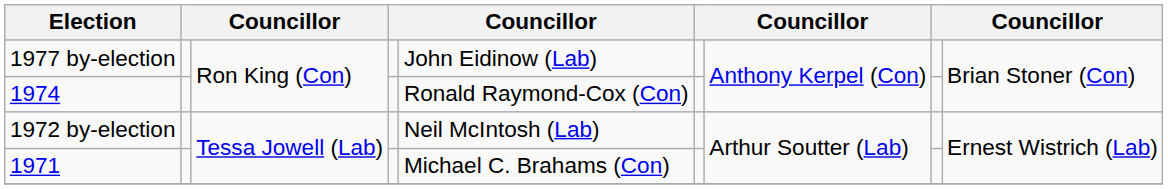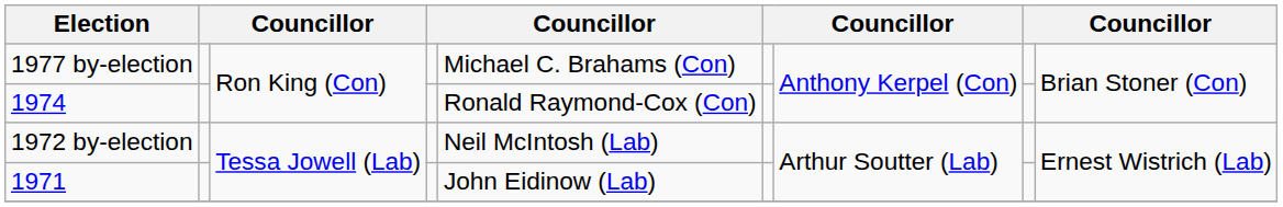 <table class="wikitable">
 <tr>
 <th>Election</th>
 <th colspan="2">Councillor</th>
 <th colspan="2">Councillor</th>
 <th colspan="2">Councillor</th>
 <th colspan="2">Councillor</th>
 </tr>
 <tr>
 <td>1977 by-election</td>
 <td style="background-color: "></td>
 <td rowspan="2">Ron King (<a href='#'>Con</a>)</td>
 <td style="background-color: "></td>
-<td>John Eidinow (<a href='#'>Lab</a>)</td>
+<td>Michael C. Brahams (<a href='#'>Con</a>)</td>
 <td style="background-color: "></td>
 <td rowspan="2"><a href='#'>Anthony Kerpel</a> (<a href='#'>Con</a>)</td>
 <td style="background-color: "></td>
 <td rowspan="2">Brian Stoner (<a href='#'>Con</a>)</td>
 </tr>
 <tr>
 <td><a href='#'>1974</a></td>
 <td style="background-color: "></td>
 <td style="background-color: "></td>
 <td>Ronald Raymond-Cox (<a href='#'>Con</a>)</td>
 <td style="background-color: "></td>
 <td style="background-color: "></td>
 </tr>
 <tr>
 <td>1972 by-election</td>
 <td style="background-color: "></td>
 <td rowspan="2"><a href='#'>Tessa Jowell</a> (<a href='#'>Lab</a>)</td>
 <td style="background-color: "></td>
 <td>Neil McIntosh (<a href='#'>Lab</a>)</td>
 <td style="background-color: "></td>
 <td rowspan="2">Arthur Soutter (<a href='#'>Lab</a>)</td>
 <td style="background-color: "></td>
 <td rowspan="2">Ernest Wistrich (<a href='#'>Lab</a>)</td>
 </tr>
 <tr>
 <td><a href='#'>1971</a></td>
 <td style="background-color: "></td>
 <td style="background-color: "></td>
-<td>Michael C. Brahams (<a href='#'>Con</a>)</td>
+<td>John Eidinow (<a href='#'>Lab</a>)</td>
 <td style="background-color: "></td>
 <td style="background-color: "></td>
 </tr>
 <tr>
 </tr>
 </table>
